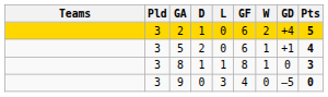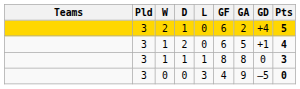 <table class="wikitable" style="text-align: center;">
 <tr>
 <th width=165>Teams</th>
 <th width=20>Pld</th>
-<th width=20>GA</th>
+<th width=20>W</th>
 <th width=20>D</th>
 <th width=20>L</th>
 <th width=20>GF</th>
-<th width=20>W</th>
+<th width=20>GA</th>
 <th width=20>GD</th>
 <th width=20>Pts</th>
 </tr>
 <tr align=center style="background:gold">
 <td style="text-align:left;"></td>
 <td>3</td>
 <td>2</td>
 <td>1</td>
 <td>0</td>
 <td>6</td>
 <td>2</td>
 <td>+4</td>
 <td><strong>5</strong></td>
 </tr>
 <tr align=center>
 <td style="text-align:left;"></td>
 <td>3</td>
-<td>5</td>
+<td>1</td>
 <td>2</td>
 <td>0</td>
 <td>6</td>
-<td>1</td>
+<td>5</td>
 <td>+1</td>
 <td><strong>4</strong></td>
 </tr>
 <tr align=center>
 <td style="text-align:left;"></td>
 <td>3</td>
-<td>8</td>
+<td>1</td>
 <td>1</td>
 <td>1</td>
 <td>8</td>
-<td>1</td>
+<td>8</td>
 <td>0</td>
 <td><strong>3</strong></td>
 </tr>
 <tr align=center>
 <td style="text-align:left;"></td>
 <td>3</td>
-<td>9</td>
+<td>0</td>
 <td>0</td>
 <td>3</td>
 <td>4</td>
-<td>0</td>
+<td>9</td>
 <td>–5</td>
 <td><strong>0</strong></td>
 </tr>
 </table>
